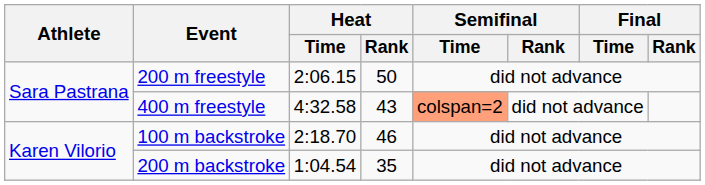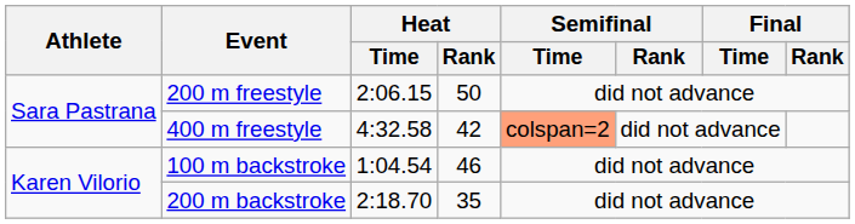 <table class=wikitable style="font-size:90%">
 <tr>
 <th rowspan="2">Athlete</th>
 <th rowspan="2">Event</th>
 <th colspan="2">Heat</th>
 <th colspan="2">Semifinal</th>
 <th colspan="2">Final</th>
 </tr>
 <tr style="font-size:95%">
 <th>Time</th>
 <th>Rank</th>
 <th>Time</th>
 <th>Rank</th>
 <th>Time</th>
 <th>Rank</th>
 </tr>
 <tr align=center>
 <td align=left rowspan=2><a href='#'>Sara Pastrana</a></td>
 <td align=left><a href='#'>200 m freestyle</a></td>
 <td>2:06.15</td>
 <td>50</td>
 <td colspan=4>did not advance</td>
 </tr>
 <tr align=center>
 <td align=left><a href='#'>400 m freestyle</a></td>
 <td>4:32.58</td>
-<td>43</td>
+<td>42</td>
 <td style="background: lightsalmon;">colspan=2 </td>
 <td colspan=2>did not advance</td>
 </tr>
 <tr align=center>
 <td align=left rowspan=2><a href='#'>Karen Vilorio</a></td>
 <td align=left><a href='#'>100 m backstroke</a></td>
-<td>2:18.70</td>
+<td>1:04.54</td>
 <td>46</td>
 <td colspan=4>did not advance</td>
 </tr>
 <tr align=center>
 <td align=left><a href='#'>200 m backstroke</a></td>
-<td>1:04.54</td>
+<td>2:18.70</td>
 <td>35</td>
 <td colspan=4>did not advance</td>
 </tr>
 </table>
